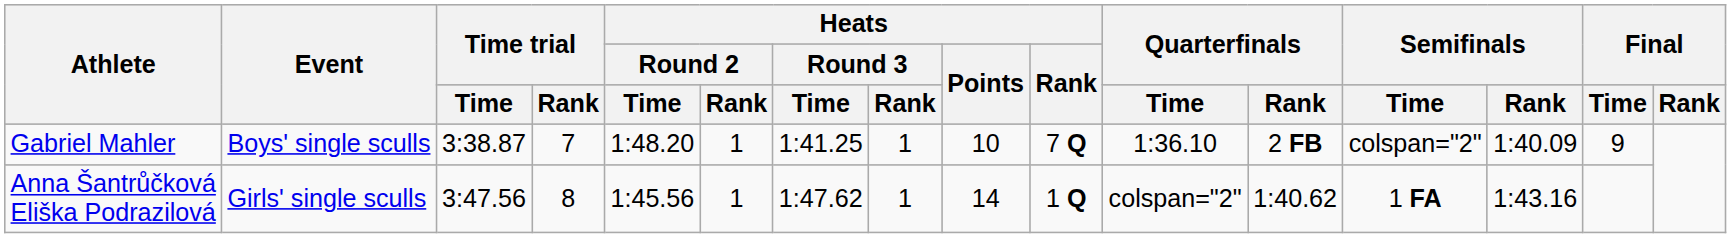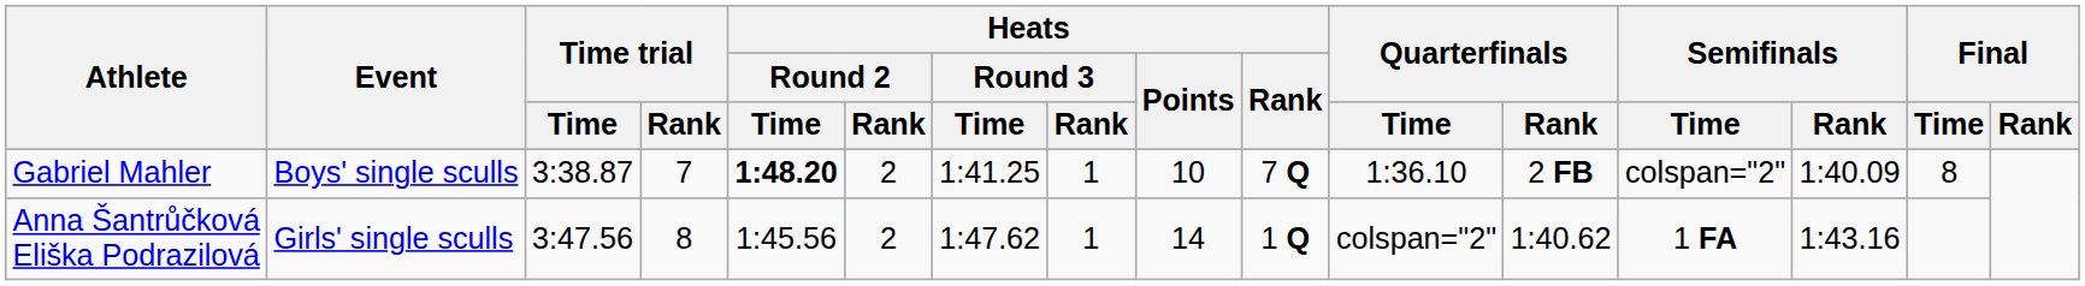 <table class="wikitable">
 <tr>
 <th rowspan="3">Athlete</th>
 <th rowspan="3">Event</th>
 <th colspan="2" rowspan="2">Time trial</th>
 <th colspan="6">Heats</th>
 <th colspan="2" rowspan="2">Quarterfinals</th>
 <th colspan="2" rowspan="2">Semifinals</th>
 <th colspan="2" rowspan="2">Final</th>
 </tr>
 <tr>
 <th colspan="2">Round 2</th>
 <th colspan="2">Round 3</th>
 <th rowspan="2">Points</th>
 <th rowspan="2">Rank</th>
 </tr>
 <tr>
 <th>Time</th>
 <th>Rank</th>
 <th>Time</th>
 <th>Rank</th>
 <th>Time</th>
 <th>Rank</th>
 <th>Time</th>
 <th>Rank</th>
 <th>Time</th>
 <th>Rank</th>
 <th>Time</th>
 <th>Rank</th>
 </tr>
 <tr align="center">
 <td align="left"><a href='#'>Gabriel Mahler</a></td>
 <td align="left"><a href='#'>Boys' single sculls</a></td>
 <td>3:38.87</td>
 <td>7</td>
-<td>1:48.20</td>
-<td>1</td>
+<td><strong>1:48.20</strong></td>
+<td>2</td>
 <td>1:41.25</td>
 <td>1</td>
 <td>10</td>
 <td>7 <strong>Q</strong></td>
 <td>1:36.10</td>
 <td>2 <strong>FB</strong></td>
 <td>colspan="2" </td>
 <td>1:40.09</td>
-<td>9</td>
+<td>8</td>
 </tr>
 <tr align="center">
 <td align="left"><a href='#'>Anna Šantrůčková</a><br><a href='#'>Eliška Podrazilová</a></td>
 <td align="left"><a href='#'>Girls' single sculls</a></td>
 <td>3:47.56</td>
 <td>8</td>
 <td>1:45.56</td>
-<td>1</td>
+<td>2</td>
 <td>1:47.62</td>
 <td>1</td>
 <td>14</td>
 <td>1 <strong>Q</strong></td>
 <td>colspan="2" </td>
 <td>1:40.62</td>
 <td>1 <strong>FA</strong></td>
 <td>1:43.16</td>
 <td></td>
 </tr>
 </table>
